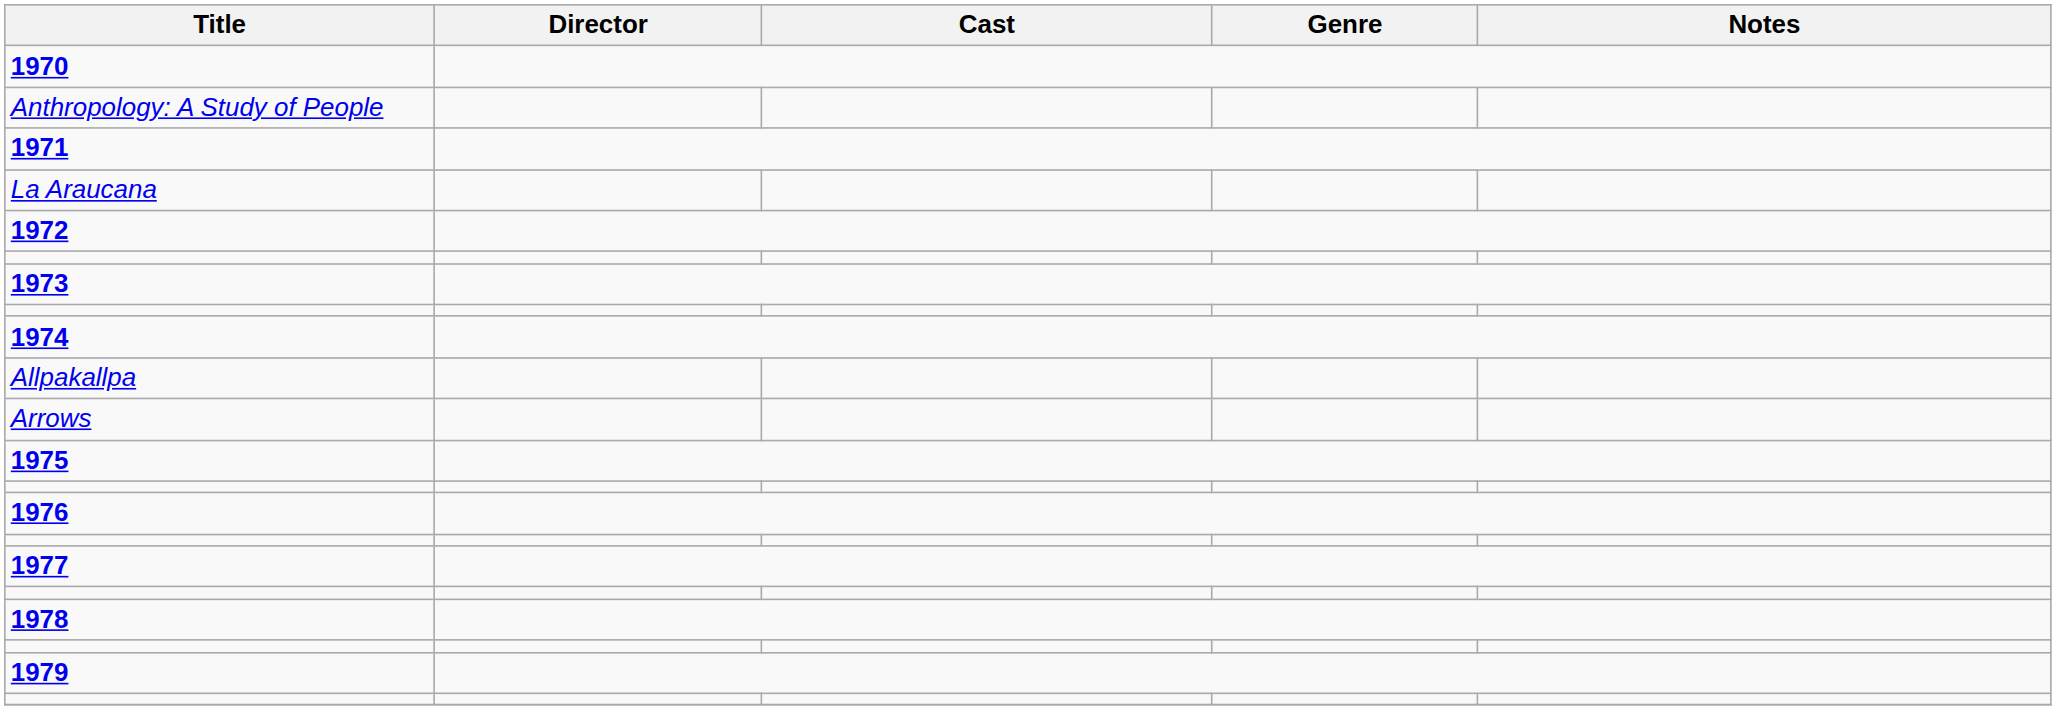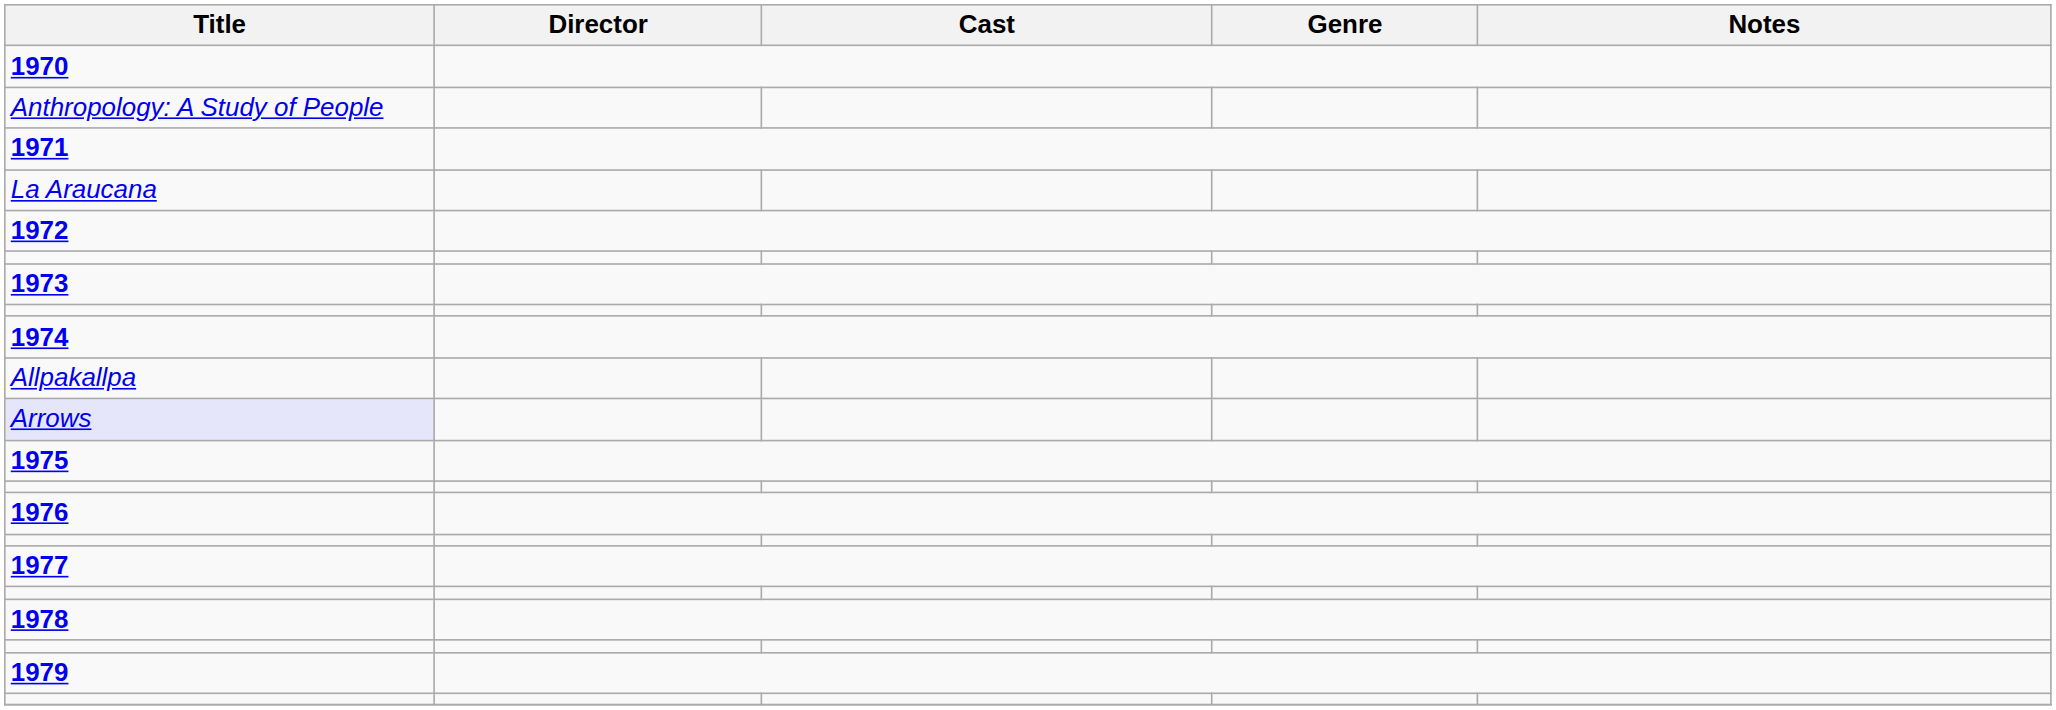 <table class="wikitable" width= "100%">
 <tr>
 <th width=21%>Title</th>
 <th width=16%>Director</th>
 <th width=22%>Cast</th>
 <th width=13%>Genre</th>
 <th width=28%>Notes</th>
 </tr>
 <tr>
 <td><strong><a href='#'>1970</a></strong></td>
 </tr>
 <tr>
 <td><em><a href='#'>Anthropology: A Study of People</a></em></td>
 <td></td>
 <td></td>
 <td></td>
 <td></td>
 </tr>
 <tr>
 <td><strong><a href='#'>1971</a></strong></td>
 </tr>
 <tr>
 <td><em><a href='#'>La Araucana</a></em></td>
 <td></td>
 <td></td>
 <td></td>
 <td></td>
 </tr>
 <tr>
 <td><strong><a href='#'>1972</a></strong></td>
 </tr>
 <tr>
 <td></td>
 <td></td>
 <td></td>
 <td></td>
 <td></td>
 </tr>
 <tr>
 <td><strong><a href='#'>1973</a></strong></td>
 </tr>
 <tr>
 <td></td>
 <td></td>
 <td></td>
 <td></td>
 <td></td>
 </tr>
 <tr>
 <td><strong><a href='#'>1974</a></strong></td>
 </tr>
 <tr>
 <td><em><a href='#'>Allpakallpa</a></em></td>
 <td></td>
 <td></td>
 <td></td>
 <td></td>
 </tr>
 <tr>
-<td><em><a href='#'>Arrows</a></em></td>
+<td style="background: lavender;"><em><a href='#'>Arrows</a></em></td>
 <td></td>
 <td></td>
 <td></td>
 <td></td>
 </tr>
 <tr>
 <td><strong><a href='#'>1975</a></strong></td>
 </tr>
 <tr>
 <td></td>
 <td></td>
 <td></td>
 <td></td>
 <td></td>
 </tr>
 <tr>
 <td><strong><a href='#'>1976</a></strong></td>
 </tr>
 <tr>
 <td></td>
 <td></td>
 <td></td>
 <td></td>
 <td></td>
 </tr>
 <tr>
 <td><strong><a href='#'>1977</a></strong></td>
 </tr>
 <tr>
 <td></td>
 <td></td>
 <td></td>
 <td></td>
 <td></td>
 </tr>
 <tr>
 <td><strong><a href='#'>1978</a></strong></td>
 </tr>
 <tr>
 <td></td>
 <td></td>
 <td></td>
 <td></td>
 <td></td>
 </tr>
 <tr>
 <td><strong><a href='#'>1979</a></strong></td>
 </tr>
 <tr>
 <td></td>
 <td></td>
 <td></td>
 <td></td>
 <td></td>
 </tr>
 <tr>
 </tr>
 </table>
